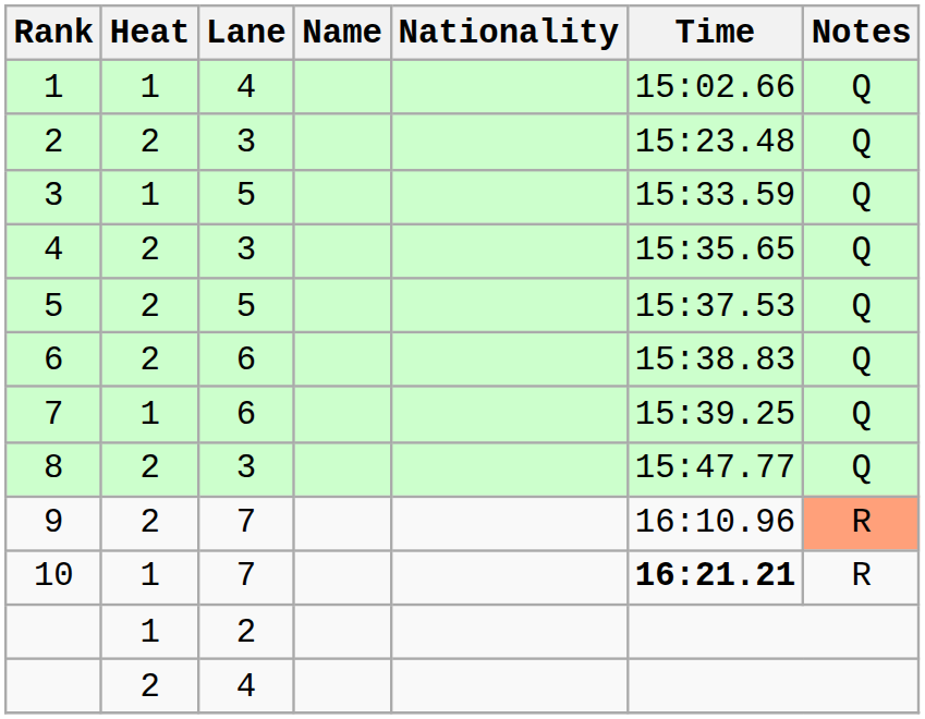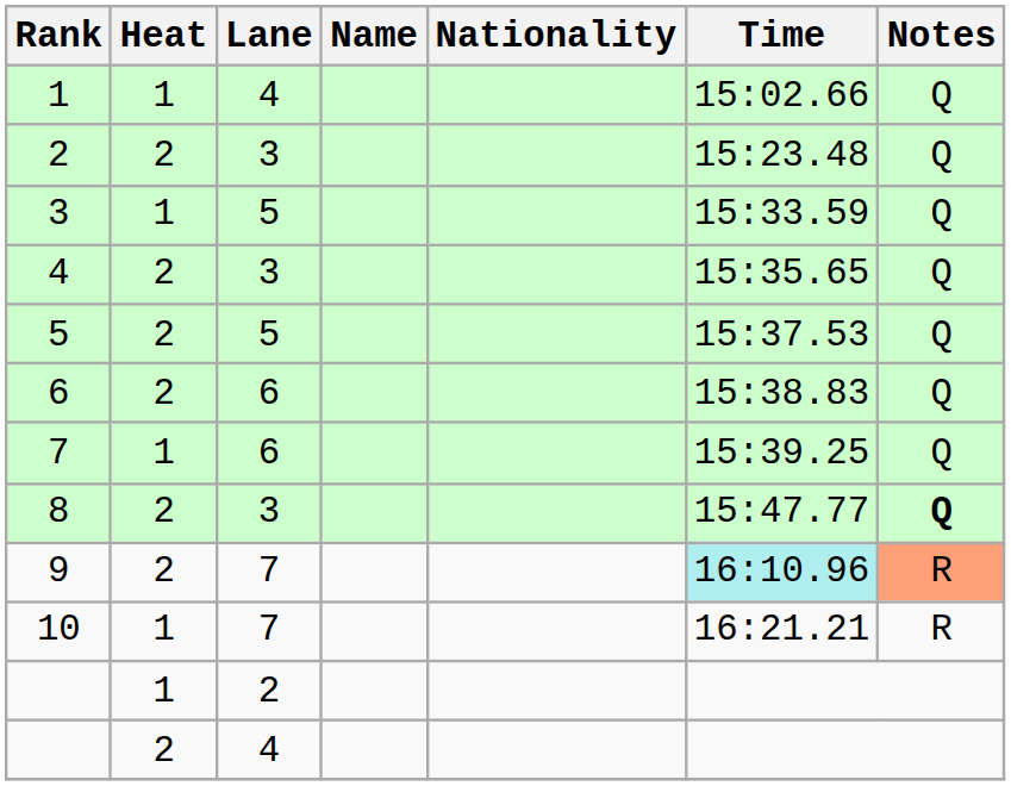 <table class="wikitable sortable" style="text-align:center">
 <tr>
 <th>Rank</th>
 <th>Heat</th>
 <th>Lane</th>
 <th>Name</th>
 <th>Nationality</th>
 <th>Time</th>
 <th>Notes</th>
 </tr>
 <tr bgcolor=ccffcc>
 <td>1</td>
 <td>1</td>
 <td>4</td>
 <td align=left></td>
 <td align=left></td>
 <td>15:02.66</td>
 <td>Q</td>
 </tr>
 <tr bgcolor=ccffcc>
 <td>2</td>
 <td>2</td>
 <td>3</td>
 <td align=left></td>
 <td align=left></td>
 <td>15:23.48</td>
 <td>Q</td>
 </tr>
 <tr bgcolor=ccffcc>
 <td>3</td>
 <td>1</td>
 <td>5</td>
 <td align=left></td>
 <td align=left></td>
 <td>15:33.59</td>
 <td>Q</td>
 </tr>
 <tr bgcolor=ccffcc>
 <td>4</td>
 <td>2</td>
 <td>3</td>
 <td align=left></td>
 <td align=left></td>
 <td>15:35.65</td>
 <td>Q</td>
 </tr>
 <tr bgcolor=ccffcc>
 <td>5</td>
 <td>2</td>
 <td>5</td>
 <td align=left></td>
 <td align=left></td>
 <td>15:37.53</td>
 <td>Q</td>
 </tr>
 <tr bgcolor=ccffcc>
 <td>6</td>
 <td>2</td>
 <td>6</td>
 <td align=left></td>
 <td align=left></td>
 <td>15:38.83</td>
 <td>Q</td>
 </tr>
 <tr bgcolor=ccffcc>
 <td>7</td>
 <td>1</td>
 <td>6</td>
 <td align=left></td>
 <td align=left></td>
 <td>15:39.25</td>
 <td>Q</td>
 </tr>
 <tr bgcolor=ccffcc>
 <td>8</td>
 <td>2</td>
 <td>3</td>
 <td align=left></td>
 <td align=left></td>
 <td>15:47.77</td>
-<td>Q</td>
+<td><strong>Q</strong></td>
 </tr>
 <tr>
 <td>9</td>
 <td>2</td>
 <td>7</td>
 <td align=left></td>
 <td align=left></td>
-<td>16:10.96</td>
+<td style="background: paleturquoise;">16:10.96</td>
 <td style="background: lightsalmon;">R</td>
 </tr>
 <tr>
 <td>10</td>
 <td>1</td>
 <td>7</td>
 <td align=left></td>
 <td align=left></td>
-<td><strong>16:21.21</strong></td>
+<td>16:21.21</td>
 <td>R</td>
 </tr>
 <tr>
 <td></td>
 <td>1</td>
 <td>2</td>
 <td align=left></td>
 <td align=left></td>
 <td colspan=2></td>
 </tr>
 <tr>
 <td></td>
 <td>2</td>
 <td>4</td>
 <td align=left></td>
 <td align=left></td>
 <td colspan=2></td>
 </tr>
 <tr>
 </tr>
 </table>
